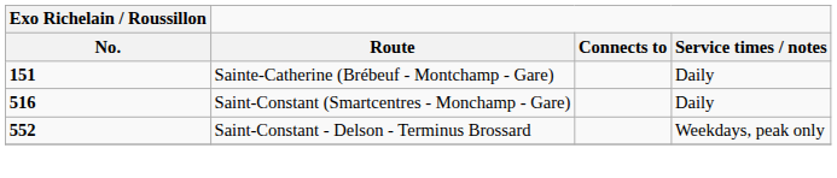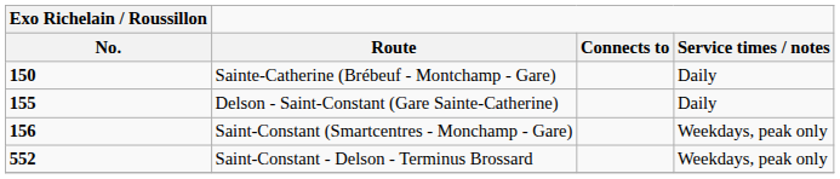 <table align=center class="wikitable">
 <tr>
 <th style="background: #">Exo Richelain / Roussillon</th>
 </tr>
 <tr>
 <th>No.</th>
 <th>Route</th>
 <th>Connects to</th>
 <th>Service times / notes</th>
 </tr>
 <tr>
-<td {{border> <strong>151</strong></td>
+<td {{border> <strong>150</strong></td>
 <td>Sainte-Catherine (Brébeuf - Montchamp - Gare)</td>
 <td></td>
 <td>Daily</td>
 </tr>
 <tr>
-<td {{border> <strong>516</strong></td>
+<td {{border> <strong>155</strong></td>
+<td>Delson - Saint-Constant (Gare Sainte-Catherine)</td>
+<td></td>
+<td>Daily</td>
+</tr>
+<tr>
+<td {{border> <strong>156</strong></td>
 <td>Saint-Constant (Smartcentres - Monchamp - Gare)</td>
 <td></td>
-<td>Daily</td>
+<td>Weekdays, peak only</td>
 </tr>
 <tr>
 <td {{border> <strong>552</strong></td>
 <td>Saint-Constant - Delson - Terminus Brossard</td>
 <td><br></td>
 <td>Weekdays, peak only</td>
 </tr>
 <tr>
 </tr>
 </table>
